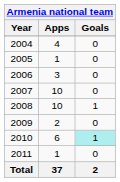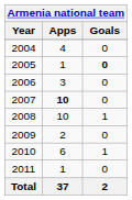 <table class="wikitable" style="text-align:center">
 <tr>
 <th colspan=3><a href='#'>Armenia national team</a></th>
 </tr>
 <tr>
 <th>Year</th>
 <th>Apps</th>
 <th>Goals</th>
 </tr>
 <tr>
 </tr>
 <tr>
 <td>2004</td>
 <td>4</td>
 <td>0</td>
 </tr>
 <tr>
 <td>2005</td>
 <td>1</td>
-<td>0</td>
+<td><strong>0</strong></td>
 </tr>
 <tr>
 <td>2006</td>
 <td>3</td>
 <td>0</td>
 </tr>
 <tr>
 <td>2007</td>
-<td>10</td>
+<td><strong>10</strong></td>
 <td>0</td>
 </tr>
 <tr>
 <td>2008</td>
 <td>10</td>
 <td>1</td>
 </tr>
 <tr>
 <td>2009</td>
 <td>2</td>
 <td>0</td>
 </tr>
 <tr>
 <td>2010</td>
 <td>6</td>
-<td style="background: paleturquoise;">1</td>
+<td>1</td>
 </tr>
 <tr>
 <td>2011</td>
 <td>1</td>
 <td>0</td>
 </tr>
 <tr>
 <th>Total</th>
 <th>37</th>
 <th>2</th>
 </tr>
 </table>
